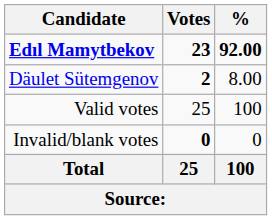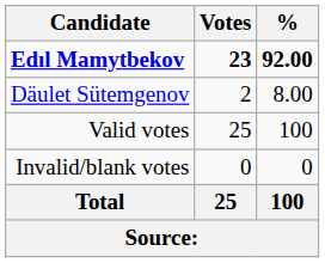 <table class="wikitable" style="text-align:right">
 <tr>
 <th>Candidate</th>
 <th>Votes</th>
 <th>%</th>
 </tr>
 <tr>
 <td align="left"><strong><a href='#'>Edıl Mamytbekov</a></strong></td>
 <td><strong>23</strong></td>
 <td><strong>92.00</strong></td>
 </tr>
 <tr>
 <td align="left"><a href='#'>Däulet Sütemgenov</a></td>
-<td><strong>2</strong></td>
+<td>2</td>
 <td>8.00</td>
 </tr>
 <tr>
 <td>Valid votes</td>
 <td>25</td>
 <td>100</td>
 </tr>
 <tr>
 <td>Invalid/blank votes</td>
-<td><strong>0</strong></td>
+<td>0</td>
 <td>0</td>
 </tr>
 <tr>
 <th>Total</th>
 <th>25</th>
 <th>100</th>
 </tr>
 <tr>
 <th colspan="3">Source: </th>
 </tr>
 </table>
